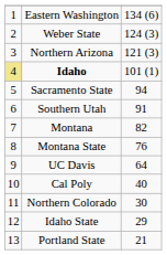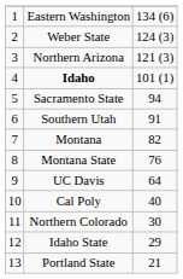 <table class="wikitable" style="display: inline-table;">
 <tr align="center">
 </tr>
 <tr align="center">
 <td>1</td>
 <td>Eastern Washington</td>
 <td>134 (6)</td>
 </tr>
 <tr align="center">
 <td>2</td>
 <td>Weber State</td>
 <td>124 (3)</td>
 </tr>
 <tr align="center">
 <td>3</td>
 <td>Northern Arizona</td>
 <td>121 (3)</td>
 </tr>
 <tr align="center">
-<td style="background: khaki;">4</td>
+<td>4</td>
 <td><strong>Idaho</strong></td>
 <td>101 (1)</td>
 </tr>
 <tr align="center">
 <td>5</td>
 <td>Sacramento State</td>
 <td>94</td>
 </tr>
 <tr align="center">
 <td>6</td>
 <td>Southern Utah</td>
 <td>91</td>
 </tr>
 <tr align="center">
 <td>7</td>
 <td>Montana</td>
 <td>82</td>
 </tr>
 <tr align="center">
 <td>8</td>
 <td>Montana State</td>
 <td>76</td>
 </tr>
 <tr align="center">
 <td>9</td>
 <td>UC Davis</td>
 <td>64</td>
 </tr>
 <tr align="center">
 <td>10</td>
 <td>Cal Poly</td>
 <td>40</td>
 </tr>
 <tr align="center">
 <td>11</td>
 <td>Northern Colorado</td>
 <td>30</td>
 </tr>
 <tr align="center">
 <td>12</td>
 <td>Idaho State</td>
 <td>29</td>
 </tr>
 <tr align="center">
 <td>13</td>
 <td>Portland State</td>
 <td>21</td>
 </tr>
 </table>
